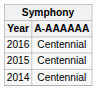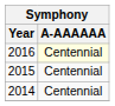 <table class="wikitable" style="text-align:center">
 <tr>
 <th colspan="2">Symphony</th>
 </tr>
 <tr>
 <th>Year</th>
 <th>A-AAAAAA</th>
 </tr>
 <tr>
 <td>2016</td>
-<td>Centennial</td>
+<td style="background: lightyellow;">Centennial</td>
 </tr>
 <tr>
 <td>2015</td>
 <td>Centennial</td>
 </tr>
 <tr>
 <td>2014</td>
 <td>Centennial</td>
 </tr>
 <tr>
 </tr>
 </table>
